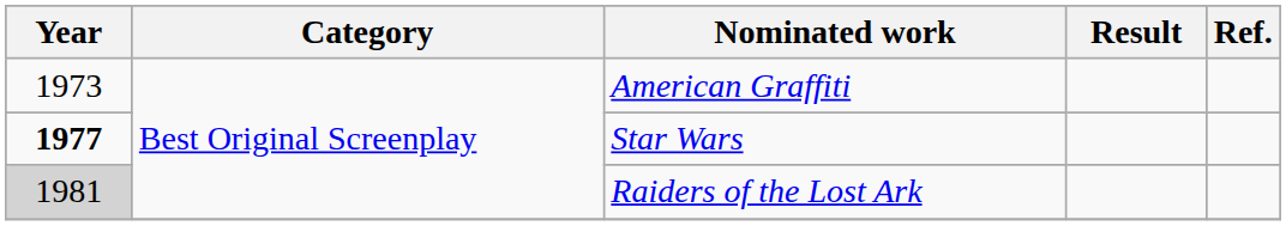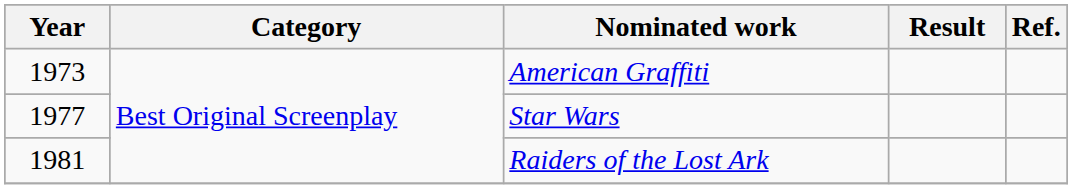 <table class=wikitable>
 <tr>
 <th scope="col" style="width:5em;">Year</th>
 <th scope="col" style="width:26em;">Category</th>
 <th scope="col" style="width:25em;">Nominated work</th>
 <th scope="col" style="width:5em;">Result</th>
 <th>Ref.</th>
 </tr>
 <tr>
 <td style="text-align:center;">1973</td>
 <td rowspan=3><a href='#'>Best Original Screenplay</a></td>
 <td><em><a href='#'>American Graffiti</a></em></td>
 <td></td>
 <td></td>
 </tr>
 <tr>
-<td style="text-align:center;"><strong>1977</strong></td>
+<td style="text-align:center;">1977</td>
 <td><em><a href='#'>Star Wars</a></em></td>
 <td></td>
 <td></td>
 </tr>
 <tr>
-<td style="background: lightgrey; text-align:center;">1981</td>
+<td style="text-align:center;">1981</td>
 <td><em><a href='#'>Raiders of the Lost Ark</a></em></td>
 <td></td>
 <td></td>
 </tr>
 <tr>
 </tr>
 </table>
